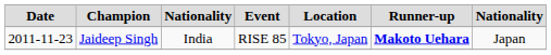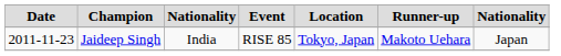 <table class="wikitable" style="text-align:center">
 <tr>
 </tr>
 <tr bgcolor="#dddddd">
 <td><strong>Date</strong></td>
 <td><strong>Champion</strong></td>
 <td><strong>Nationality</strong></td>
 <td><strong>Event</strong></td>
 <td><strong>Location</strong></td>
 <td><strong>Runner-up</strong></td>
 <td><strong>Nationality</strong></td>
 </tr>
 <tr>
 </tr>
 <tr>
 <td>2011-11-23</td>
 <td><a href='#'>Jaideep Singh</a></td>
 <td> India</td>
 <td>RISE 85</td>
 <td><a href='#'>Tokyo, Japan</a></td>
-<td><strong><a href='#'>Makoto Uehara</a></strong></td>
+<td><a href='#'>Makoto Uehara</a></td>
 <td> Japan</td>
 </tr>
 <tr>
 </tr>
 </table>
